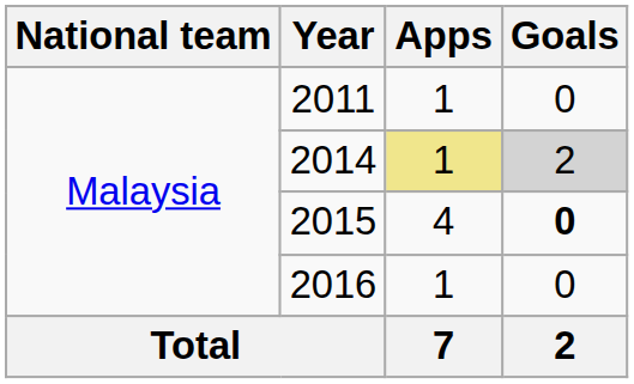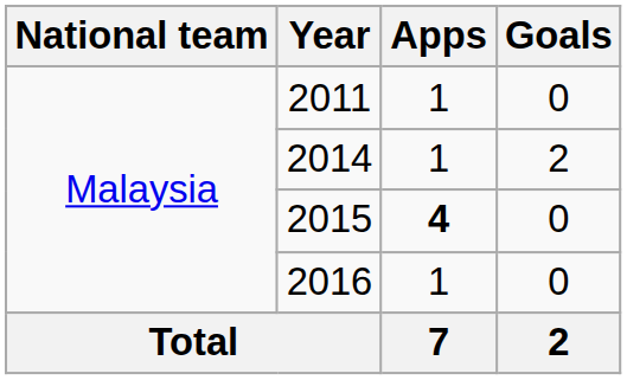 <table class="wikitable" style="text-align:center">
 <tr>
 <th>National team</th>
 <th>Year</th>
 <th>Apps</th>
 <th>Goals</th>
 </tr>
 <tr>
 <td rowspan=4><a href='#'>Malaysia</a></td>
 <td>2011</td>
 <td>1</td>
 <td>0</td>
 </tr>
 <tr>
 <td>2014</td>
-<td style="background: khaki;">1</td>
-<td style="background: lightgrey;">2</td>
+<td>1</td>
+<td>2</td>
 </tr>
 <tr>
 <td>2015</td>
-<td>4</td>
-<td><strong>0</strong></td>
+<td><strong>4</strong></td>
+<td>0</td>
 </tr>
 <tr>
 <td>2016</td>
 <td>1</td>
 <td>0</td>
 </tr>
 <tr>
 <th colspan=2>Total</th>
 <th>7</th>
 <th>2</th>
 </tr>
 </table>
